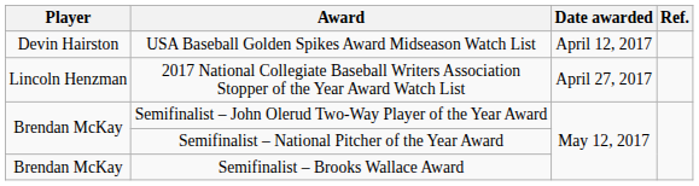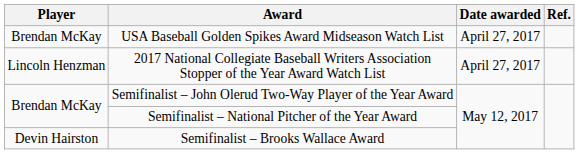 <table class="wikitable sortable sortable" style="text-align: center">
 <tr>
 <th>Player</th>
 <th>Award</th>
 <th>Date awarded</th>
 <th>Ref.</th>
 </tr>
 <tr>
-<td>Devin Hairston</td>
+<td>Brendan McKay</td>
 <td>USA Baseball Golden Spikes Award Midseason Watch List</td>
-<td>April 12, 2017</td>
+<td>April 27, 2017</td>
 <td></td>
 </tr>
 <tr>
 <td>Lincoln Henzman</td>
 <td>2017 National Collegiate Baseball Writers Association<br>Stopper of the Year Award Watch List</td>
 <td>April 27, 2017</td>
 <td></td>
 </tr>
 <tr>
 <td rowspan="2">Brendan McKay</td>
 <td>Semifinalist – John Olerud Two-Way Player of the Year Award</td>
 <td rowspan="3">May 12, 2017</td>
 <td rowspan="3"></td>
 </tr>
 <tr>
 <td>Semifinalist – National Pitcher of the Year Award</td>
 </tr>
 <tr>
-<td>Brendan McKay</td>
+<td>Devin Hairston</td>
 <td>Semifinalist – Brooks Wallace Award</td>
 </tr>
 </table>
